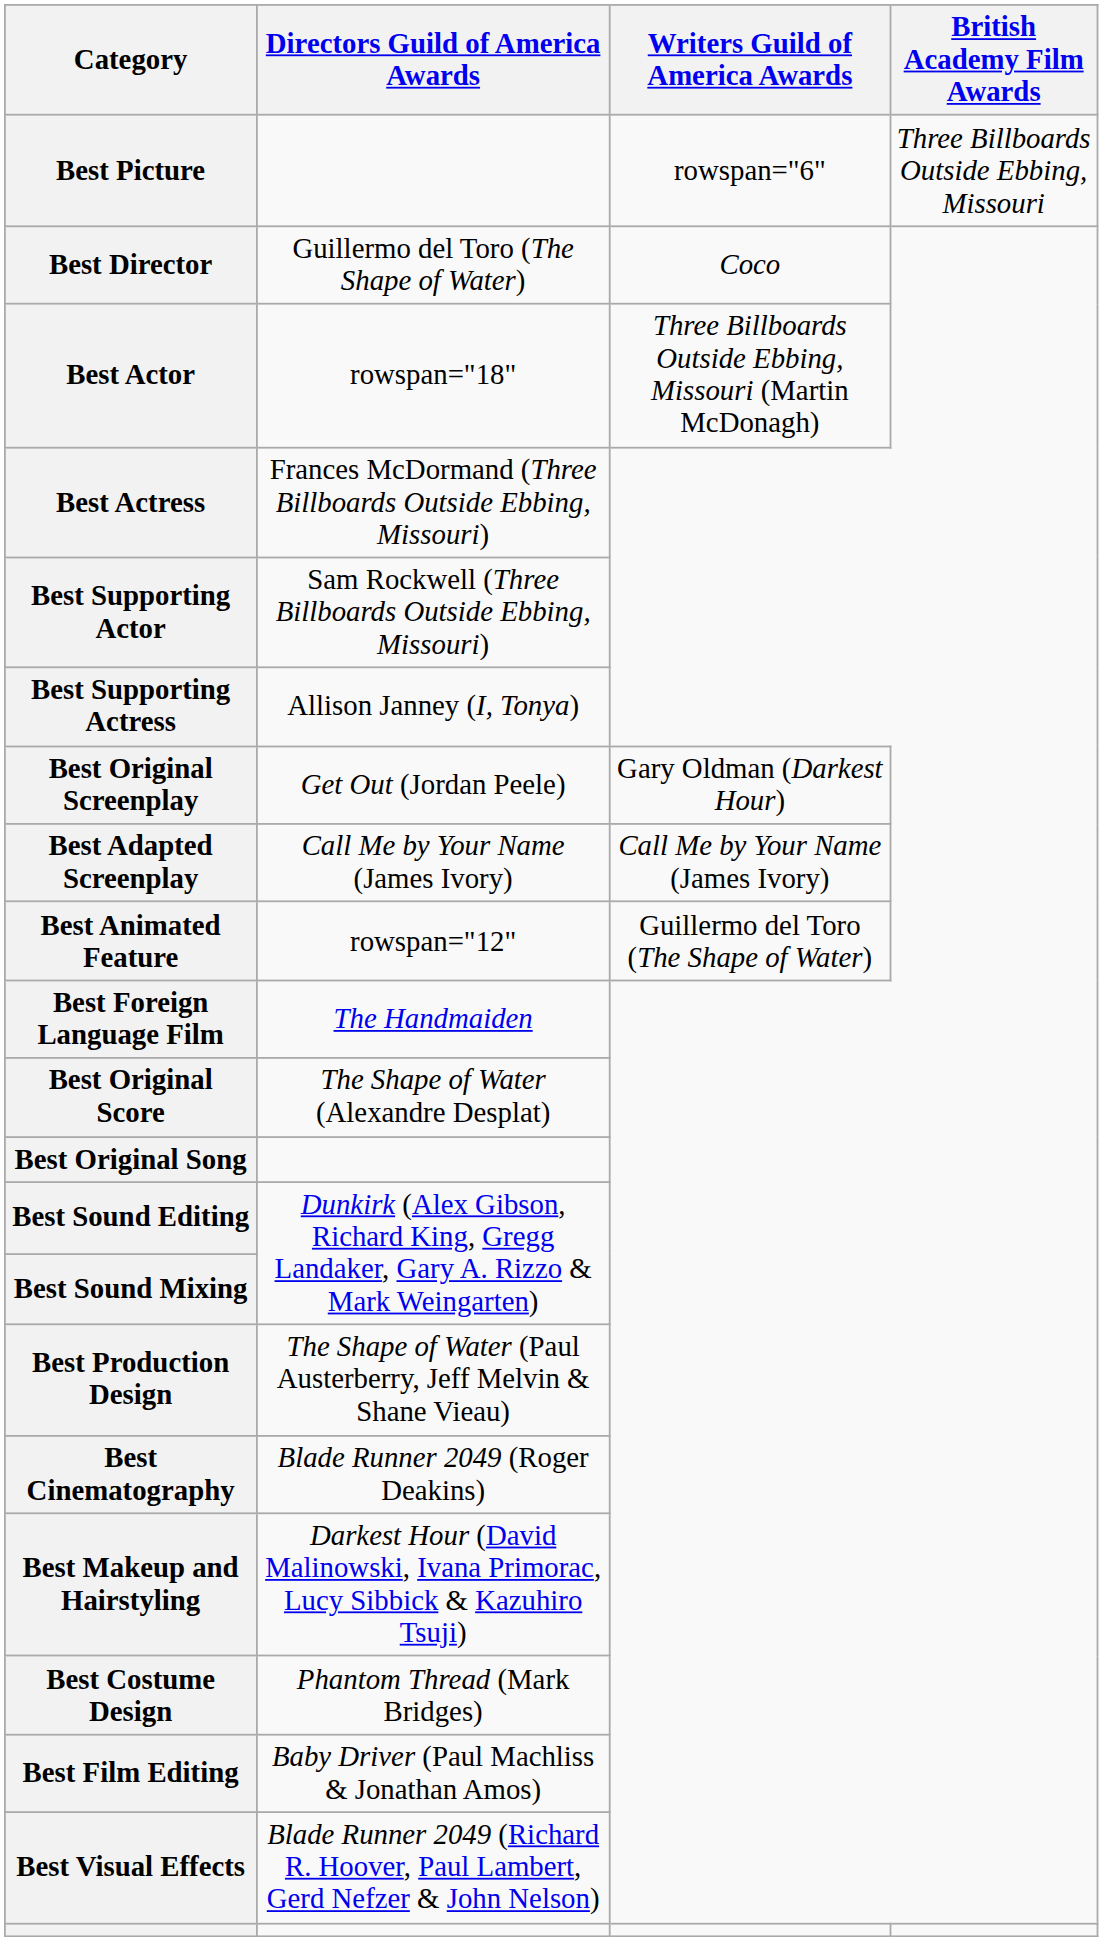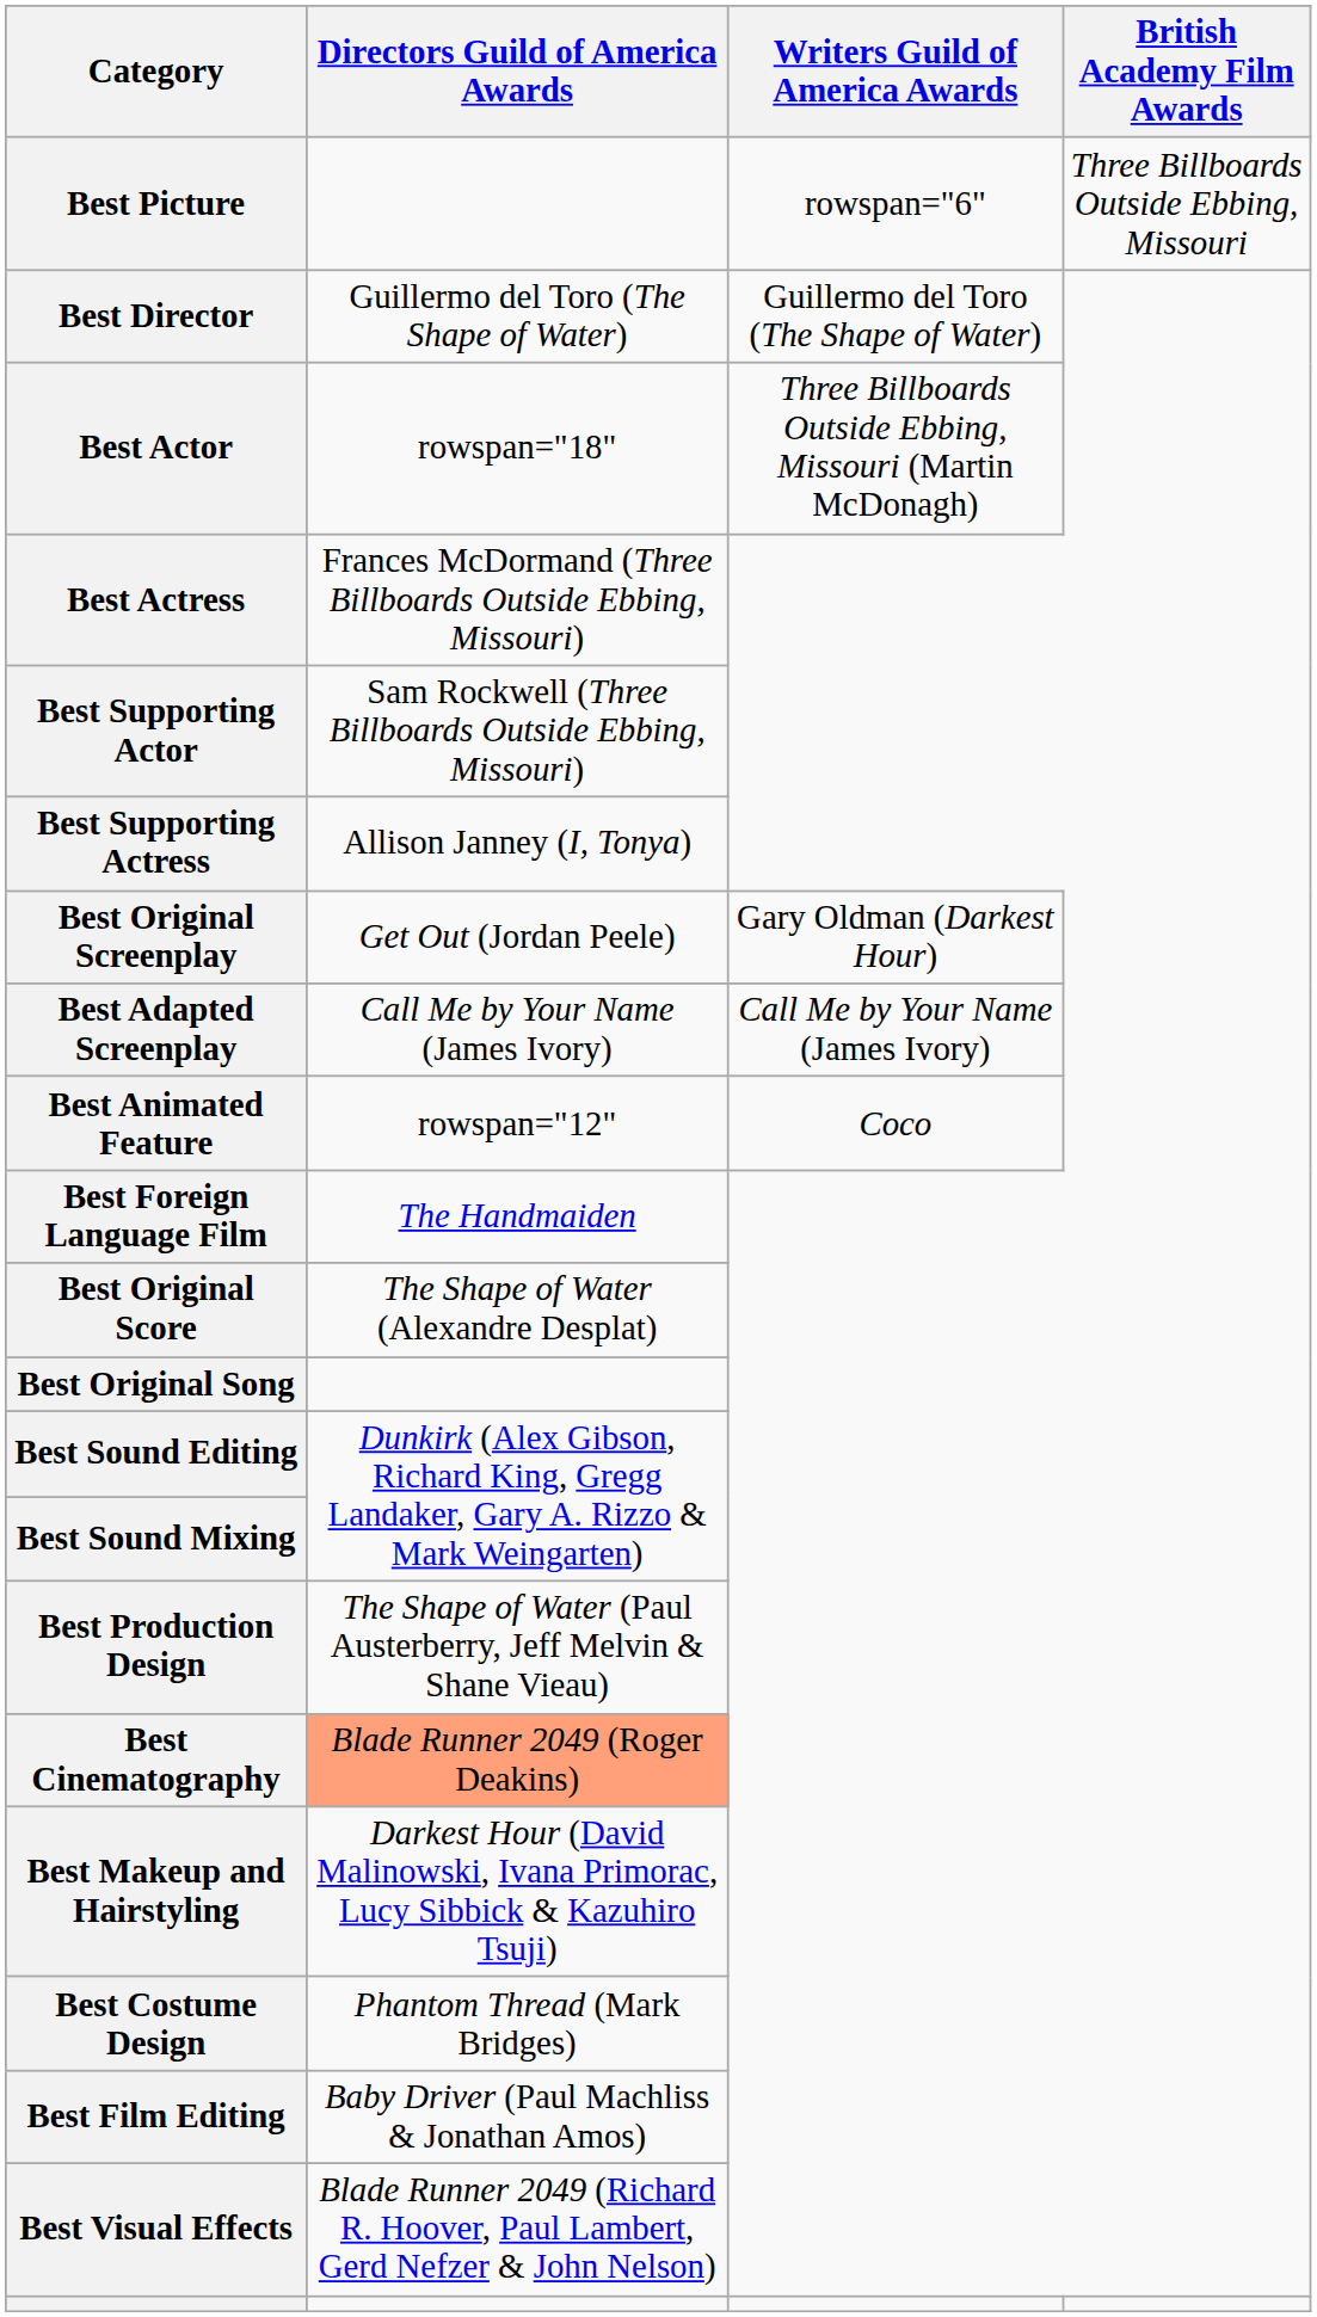 <table class="wikitable" style="text-align:center">
 <tr>
 <th>Category</th>
 <th><a href='#'>Directors Guild of America Awards</a></th>
 <th><a href='#'>Writers Guild of America Awards</a></th>
 <th><a href='#'>British Academy Film Awards</a></th>
 </tr>
 <tr>
 <th scope="row">Best Picture</th>
 <td></td>
 <td>rowspan="6" </td>
 <td><em>Three Billboards Outside Ebbing, Missouri</em></td>
 </tr>
 <tr>
 <th scope="row">Best Director</th>
 <td>Guillermo del Toro (<em>The Shape of Water</em>)</td>
-<td><em>Coco</em></td>
+<td>Guillermo del Toro (<em>The Shape of Water</em>)</td>
 </tr>
 <tr>
 <th scope="row">Best Actor</th>
 <td>rowspan="18" </td>
 <td><em>Three Billboards Outside Ebbing, Missouri</em> (Martin McDonagh)</td>
 </tr>
 <tr>
 <th scope="row">Best Actress</th>
 <td>Frances McDormand (<em>Three Billboards Outside Ebbing, Missouri</em>)</td>
 </tr>
 <tr>
 <th scope="row">Best Supporting Actor</th>
 <td>Sam Rockwell (<em>Three Billboards Outside Ebbing, Missouri</em>)</td>
 </tr>
 <tr>
 <th scope="row">Best Supporting Actress</th>
 <td>Allison Janney (<em>I, Tonya</em>)</td>
 </tr>
 <tr>
 <th scope="row">Best Original Screenplay</th>
 <td><em>Get Out</em> (Jordan Peele)</td>
 <td>Gary Oldman (<em>Darkest Hour</em>)</td>
 </tr>
 <tr>
 <th scope="row">Best Adapted Screenplay</th>
 <td><em>Call Me by Your Name</em> (James Ivory)</td>
 <td><em>Call Me by Your Name</em> (James Ivory)</td>
 </tr>
 <tr>
 <th scope="row">Best Animated Feature</th>
 <td>rowspan="12" </td>
-<td>Guillermo del Toro (<em>The Shape of Water</em>)</td>
+<td><em>Coco</em></td>
 </tr>
 <tr>
 <th scope="row">Best Foreign Language Film</th>
 <td><em><a href='#'>The Handmaiden</a></em></td>
 </tr>
 <tr>
 <th scope="row">Best Original Score</th>
 <td><em>The Shape of Water</em> (Alexandre Desplat)</td>
 </tr>
 <tr>
 <th scope="row">Best Original Song</th>
 <td></td>
 </tr>
 <tr>
 <th scope="row">Best Sound Editing</th>
 <td rowspan="2"><em><a href='#'>Dunkirk</a></em> (<a href='#'>Alex Gibson</a>, <a href='#'>Richard King</a>, <a href='#'>Gregg Landaker</a>, <a href='#'>Gary A. Rizzo</a> & <a href='#'>Mark Weingarten</a>)</td>
 </tr>
 <tr>
 <th scope="row">Best Sound Mixing</th>
 </tr>
 <tr>
 <th scope="row">Best Production Design</th>
 <td><em>The Shape of Water</em> (Paul Austerberry, Jeff Melvin & Shane Vieau)</td>
 </tr>
 <tr>
 <th scope="row">Best Cinematography</th>
-<td><em>Blade Runner 2049</em> (Roger Deakins)</td>
+<td style="background: lightsalmon;"><em>Blade Runner 2049</em> (Roger Deakins)</td>
 </tr>
 <tr>
 <th scope="row">Best Makeup and Hairstyling</th>
 <td><em>Darkest Hour</em> (<a href='#'>David Malinowski</a>, <a href='#'>Ivana Primorac</a>, <a href='#'>Lucy Sibbick</a> & <a href='#'>Kazuhiro Tsuji</a>)</td>
 </tr>
 <tr>
 <th scope="row">Best Costume Design</th>
 <td><em>Phantom Thread</em> (Mark Bridges)</td>
 </tr>
 <tr>
 <th scope="row">Best Film Editing</th>
 <td><em>Baby Driver</em> (Paul Machliss & Jonathan Amos)</td>
 </tr>
 <tr>
 <th scope="row">Best Visual Effects</th>
 <td><em>Blade Runner 2049</em> (<a href='#'>Richard R. Hoover</a>, <a href='#'>Paul Lambert</a>, <a href='#'>Gerd Nefzer</a> & <a href='#'>John Nelson</a>)</td>
 </tr>
 <tr>
 <th scope="row"></th>
 <td></td>
 <td></td>
 <td></td>
 </tr>
 </table>
